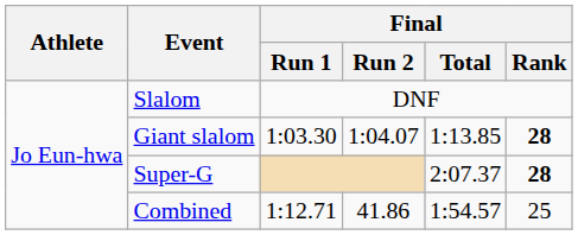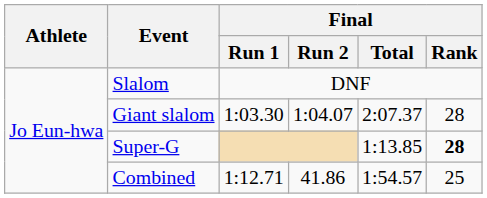 <table class="wikitable">
 <tr>
 <th rowspan="2">Athlete</th>
 <th rowspan="2">Event</th>
 <th colspan="4">Final</th>
 </tr>
 <tr>
 <th>Run 1</th>
 <th>Run 2</th>
 <th>Total</th>
 <th>Rank</th>
 </tr>
 <tr>
 <td rowspan=4><a href='#'>Jo Eun-hwa</a></td>
 <td><a href='#'>Slalom</a></td>
 <td align="center" colspan=4>DNF</td>
 </tr>
 <tr>
 <td><a href='#'>Giant slalom</a></td>
 <td align="center">1:03.30</td>
 <td align="center">1:04.07</td>
-<td align="center">1:13.85</td>
-<td align="center"><strong>28</strong></td>
+<td align="center">2:07.37</td>
+<td align="center">28</td>
 </tr>
 <tr>
 <td><a href='#'>Super-G</a></td>
 <td colspan=2 bgcolor="wheat"></td>
-<td align="center">2:07.37</td>
+<td align="center">1:13.85</td>
 <td align="center"><strong>28</strong></td>
 </tr>
 <tr>
 <td><a href='#'>Combined</a></td>
 <td align="center">1:12.71</td>
 <td align="center">41.86</td>
 <td align="center">1:54.57</td>
 <td align="center">25</td>
 </tr>
 </table>
